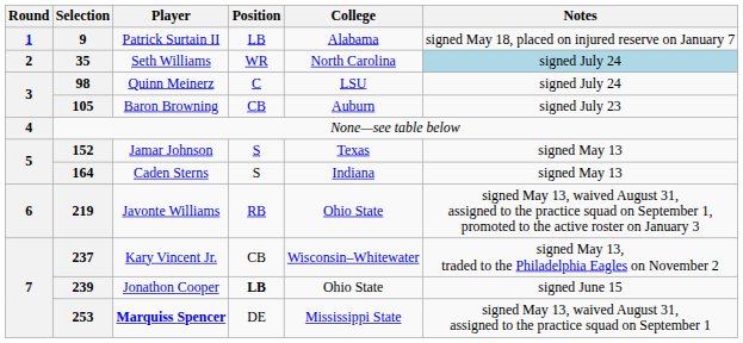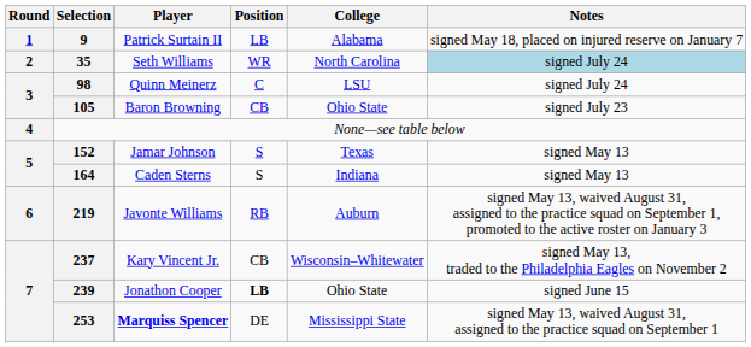 <table class="wikitable" style="text-align:center">
 <tr>
 <th>Round</th>
 <th>Selection</th>
 <th>Player</th>
 <th>Position</th>
 <th>College</th>
 <th>Notes</th>
 </tr>
 <tr>
 <th><a href='#'>1</a></th>
 <th>9</th>
 <td><a href='#'>Patrick Surtain II</a></td>
 <td><a href='#'>LB</a></td>
 <td><a href='#'>Alabama</a></td>
 <td>signed May 18, placed on injured reserve on January 7</td>
 </tr>
 <tr>
 <th>2</th>
 <th>35</th>
 <td><a href='#'>Seth Williams</a></td>
 <td><a href='#'>WR</a></td>
 <td><a href='#'>North Carolina</a></td>
 <td style="background: lightblue;">signed July 24</td>
 </tr>
 <tr>
 <th rowspan=2>3</th>
 <th>98</th>
 <td><a href='#'>Quinn Meinerz</a></td>
 <td><a href='#'>C</a></td>
 <td><a href='#'>LSU</a></td>
 <td>signed July 24</td>
 </tr>
 <tr>
 <th>105</th>
 <td><a href='#'>Baron Browning</a></td>
 <td><a href='#'>CB</a></td>
-<td><a href='#'>Auburn</a></td>
+<td><a href='#'>Ohio State</a></td>
 <td>signed July 23</td>
 </tr>
 <tr>
 <th>4</th>
 <td colspan=5><em>None—see table below</em></td>
 </tr>
 <tr>
 <th rowspan=2>5</th>
 <th>152</th>
 <td><a href='#'>Jamar Johnson</a></td>
 <td><a href='#'>S</a></td>
 <td><a href='#'>Texas</a></td>
 <td>signed May 13</td>
 </tr>
 <tr>
 <th>164</th>
 <td><a href='#'>Caden Sterns</a></td>
 <td>S</td>
 <td><a href='#'>Indiana</a></td>
 <td>signed May 13</td>
 </tr>
 <tr>
 <th>6</th>
 <th>219</th>
 <td><a href='#'>Javonte Williams</a></td>
 <td><a href='#'>RB</a></td>
-<td><a href='#'>Ohio State</a></td>
+<td><a href='#'>Auburn</a></td>
 <td>signed May 13, waived August 31,<br>assigned to the practice squad on September 1,<br>promoted to the active roster on January 3</td>
 </tr>
 <tr>
 <th rowspan=3>7</th>
 <th>237</th>
 <td><a href='#'>Kary Vincent Jr.</a></td>
 <td>CB</td>
 <td><a href='#'>Wisconsin–Whitewater</a></td>
 <td>signed May 13,<br>traded to the <a href='#'>Philadelphia Eagles</a> on November 2</td>
 </tr>
 <tr>
 <th>239</th>
 <td><a href='#'>Jonathon Cooper</a></td>
 <td><strong>LB</strong></td>
 <td>Ohio State</td>
 <td>signed June 15</td>
 </tr>
 <tr>
 <th>253</th>
 <td><strong><a href='#'>Marquiss Spencer</a></strong></td>
 <td>DE</td>
 <td><a href='#'>Mississippi State</a></td>
 <td>signed May 13, waived August 31,<br>assigned to the practice squad on September 1</td>
 </tr>
 </table>
